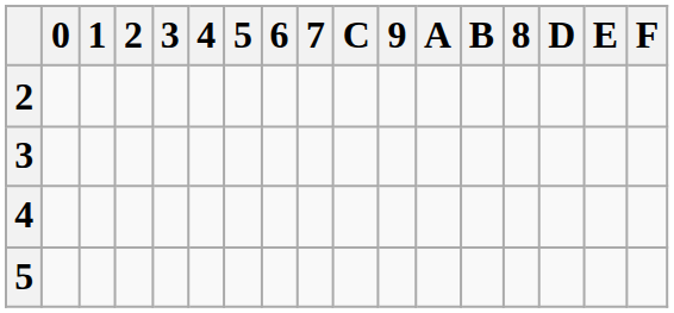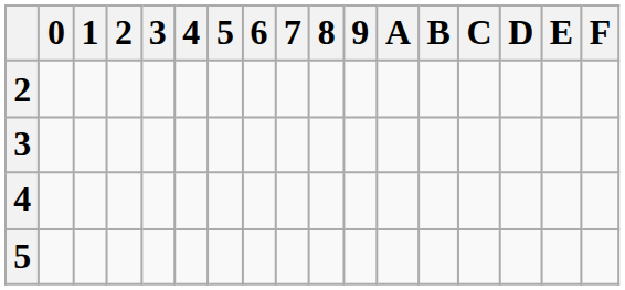 <table class="wikitable">
 <tr>
 <th></th>
 <th>0</th>
 <th>1</th>
 <th>2</th>
 <th>3</th>
 <th>4</th>
 <th>5</th>
 <th>6</th>
 <th>7</th>
-<th>C</th>
+<th>8</th>
 <th>9</th>
 <th>A</th>
 <th>B</th>
-<th>8</th>
+<th>C</th>
 <th>D</th>
 <th>E</th>
 <th>F</th>
 </tr>
 <tr>
 <th>2</th>
 <td></td>
 <td></td>
 <td></td>
 <td></td>
 <td></td>
 <td></td>
 <td></td>
 <td></td>
 <td></td>
 <td></td>
 <td></td>
 <td></td>
 <td></td>
 <td></td>
 <td></td>
 <td></td>
 </tr>
 <tr>
 <th>3</th>
 <td></td>
 <td></td>
 <td></td>
 <td></td>
 <td></td>
 <td></td>
 <td></td>
 <td></td>
 <td></td>
 <td></td>
 <td></td>
 <td></td>
 <td></td>
 <td></td>
 <td></td>
 <td></td>
 </tr>
 <tr>
 <th>4</th>
 <td></td>
 <td></td>
 <td></td>
 <td></td>
 <td></td>
 <td></td>
 <td></td>
 <td></td>
 <td></td>
 <td></td>
 <td></td>
 <td></td>
 <td></td>
 <td></td>
 <td></td>
 <td></td>
 </tr>
 <tr>
 <th>5</th>
 <td></td>
 <td></td>
 <td></td>
 <td></td>
 <td></td>
 <td></td>
 <td></td>
 <td></td>
 <td></td>
 <td></td>
 <td></td>
 <td></td>
 <td></td>
 <td></td>
 <td></td>
 <td></td>
 </tr>
 </table>
